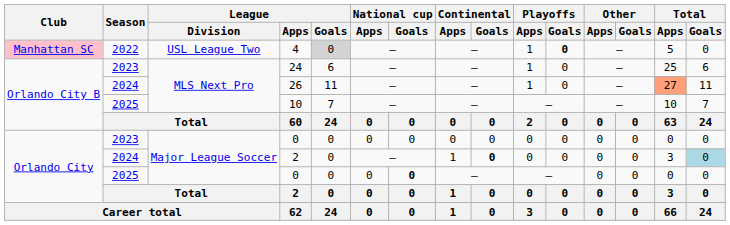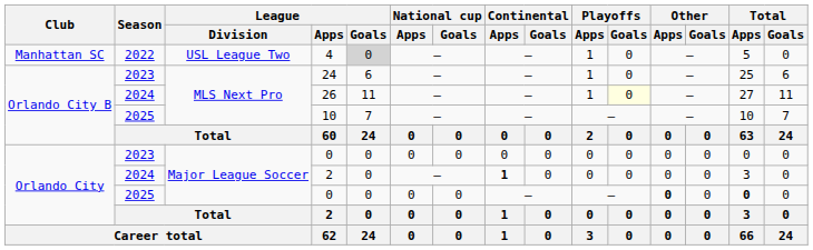 <table class="wikitable" style="text-align:center;">
 <tr>
 <th rowspan="2">Club</th>
 <th rowspan="2">Season</th>
 <th colspan="3">League</th>
 <th colspan="2">National cup</th>
 <th colspan="2">Continental</th>
 <th colspan="2">Playoffs</th>
 <th colspan="2">Other</th>
 <th colspan="2">Total</th>
 </tr>
 <tr>
 <th>Division</th>
 <th>Apps</th>
 <th>Goals</th>
 <th>Apps</th>
 <th>Goals</th>
 <th>Apps</th>
 <th>Goals</th>
 <th>Apps</th>
 <th>Goals</th>
 <th>Apps</th>
 <th>Goals</th>
 <th>Apps</th>
 <th>Goals</th>
 </tr>
 <tr>
-<td style="background: pink;"><a href='#'>Manhattan SC</a></td>
+<td><a href='#'>Manhattan SC</a></td>
 <td><a href='#'>2022</a></td>
 <td><a href='#'>USL League Two</a></td>
 <td>4</td>
 <td style="background: lightgrey;">0</td>
 <td colspan="2">—</td>
 <td colspan="2">—</td>
 <td>1</td>
-<td><strong>0</strong></td>
+<td>0</td>
 <td colspan="2">—</td>
 <td>5</td>
 <td>0</td>
 </tr>
 <tr>
 <td rowspan="4"><a href='#'>Orlando City B</a></td>
 <td><a href='#'>2023</a></td>
 <td rowspan="3"><a href='#'>MLS Next Pro</a></td>
 <td>24</td>
 <td>6</td>
 <td colspan="2">—</td>
 <td colspan="2">—</td>
 <td>1</td>
 <td>0</td>
 <td colspan="2">—</td>
 <td>25</td>
 <td>6</td>
 </tr>
 <tr>
 <td><a href='#'>2024</a></td>
 <td>26</td>
 <td>11</td>
 <td colspan="2">—</td>
 <td colspan="2">—</td>
 <td>1</td>
-<td>0</td>
+<td style="background: lightyellow;">0</td>
 <td colspan="2">—</td>
-<td style="background: lightsalmon;">27</td>
+<td>27</td>
 <td>11</td>
 </tr>
 <tr>
 <td><a href='#'>2025</a></td>
 <td>10</td>
 <td>7</td>
 <td colspan="2">—</td>
 <td colspan="2">—</td>
 <td colspan="2">—</td>
 <td colspan="2">—</td>
 <td>10</td>
 <td>7</td>
 </tr>
 <tr>
 <th colspan="2">Total</th>
 <th>60</th>
 <th>24</th>
 <th>0</th>
 <th>0</th>
 <th>0</th>
 <th>0</th>
 <th>2</th>
 <th>0</th>
 <th>0</th>
 <th>0</th>
 <th>63</th>
 <th>24</th>
 </tr>
 <tr>
 <td rowspan="4"><a href='#'>Orlando City</a></td>
 <td><a href='#'>2023</a></td>
 <td rowspan="3"><a href='#'>Major League Soccer</a></td>
 <td>0</td>
 <td>0</td>
 <td>0</td>
 <td>0</td>
 <td>0</td>
 <td>0</td>
 <td>0</td>
 <td>0</td>
 <td>0</td>
 <td>0</td>
 <td>0</td>
 <td>0</td>
 </tr>
 <tr>
 <td><a href='#'>2024</a></td>
 <td>2</td>
 <td>0</td>
 <td colspan="2">—</td>
-<td>1</td>
-<td><strong>0</strong></td>
+<td><strong>1</strong></td>
+<td>0</td>
 <td>0</td>
 <td>0</td>
 <td>0</td>
 <td>0</td>
 <td>3</td>
-<td style="background: lightblue;">0</td>
+<td>0</td>
 </tr>
 <tr>
 <td><a href='#'>2025</a></td>
 <td>0</td>
 <td>0</td>
 <td>0</td>
-<td><strong>0</strong></td>
+<td>0</td>
 <td colspan="2">—</td>
 <td colspan="2">—</td>
+<td><strong>0</strong></td>
 <td>0</td>
-<td>0</td>
-<td>0</td>
+<td><strong>0</strong></td>
 <td>0</td>
 </tr>
 <tr>
 <th colspan="2">Total</th>
 <th>2</th>
 <th>0</th>
 <th>0</th>
 <th>0</th>
 <th>1</th>
 <th>0</th>
 <th>0</th>
 <th>0</th>
 <th>0</th>
 <th>0</th>
 <th>3</th>
 <th>0</th>
 </tr>
 <tr>
 <th colspan="3">Career total</th>
 <th>62</th>
 <th>24</th>
 <th>0</th>
 <th>0</th>
 <th>1</th>
 <th>0</th>
 <th>3</th>
 <th>0</th>
 <th>0</th>
 <th>0</th>
 <th>66</th>
 <th>24</th>
 </tr>
 </table>
